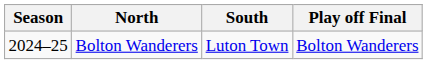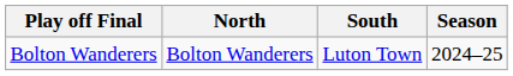 <table class="wikitable">
 <tr>
-<th>Season</th>
+<th>Play off Final</th>
 <th>North</th>
 <th>South</th>
-<th>Play off Final</th>
+<th>Season</th>
 </tr>
 <tr>
-<td>2024–25</td>
+<td><a href='#'>Bolton Wanderers</a></td>
 <td><a href='#'>Bolton Wanderers</a></td>
 <td><a href='#'>Luton Town</a></td>
-<td><a href='#'>Bolton Wanderers</a></td>
+<td>2024–25</td>
 </tr>
 </table>
